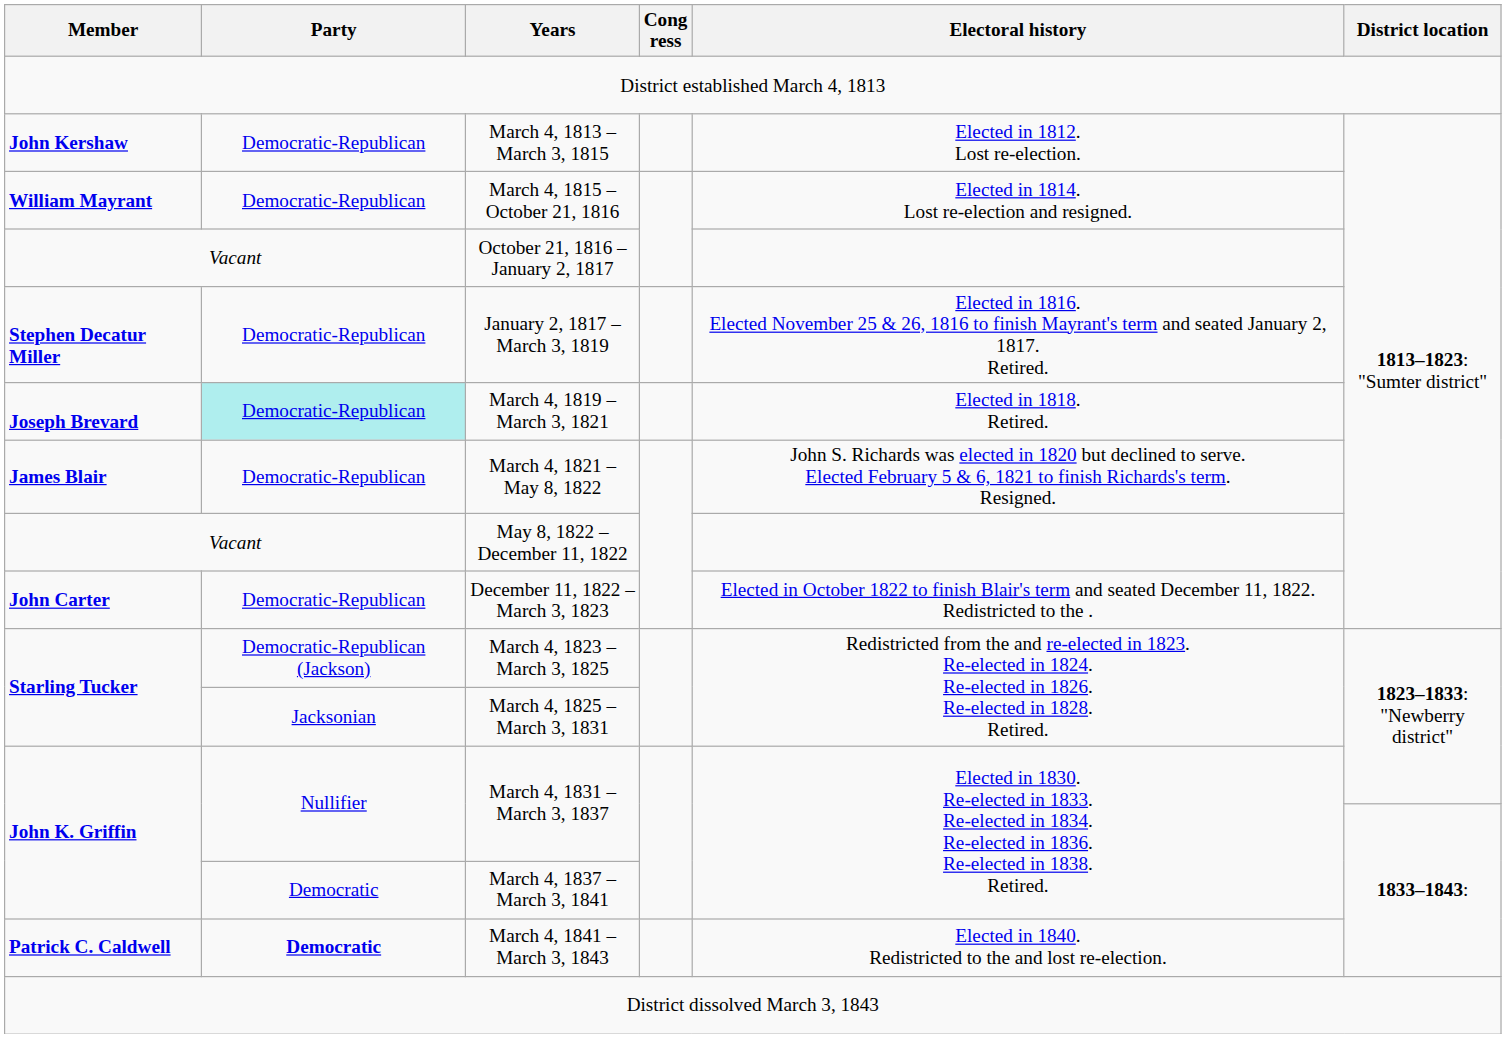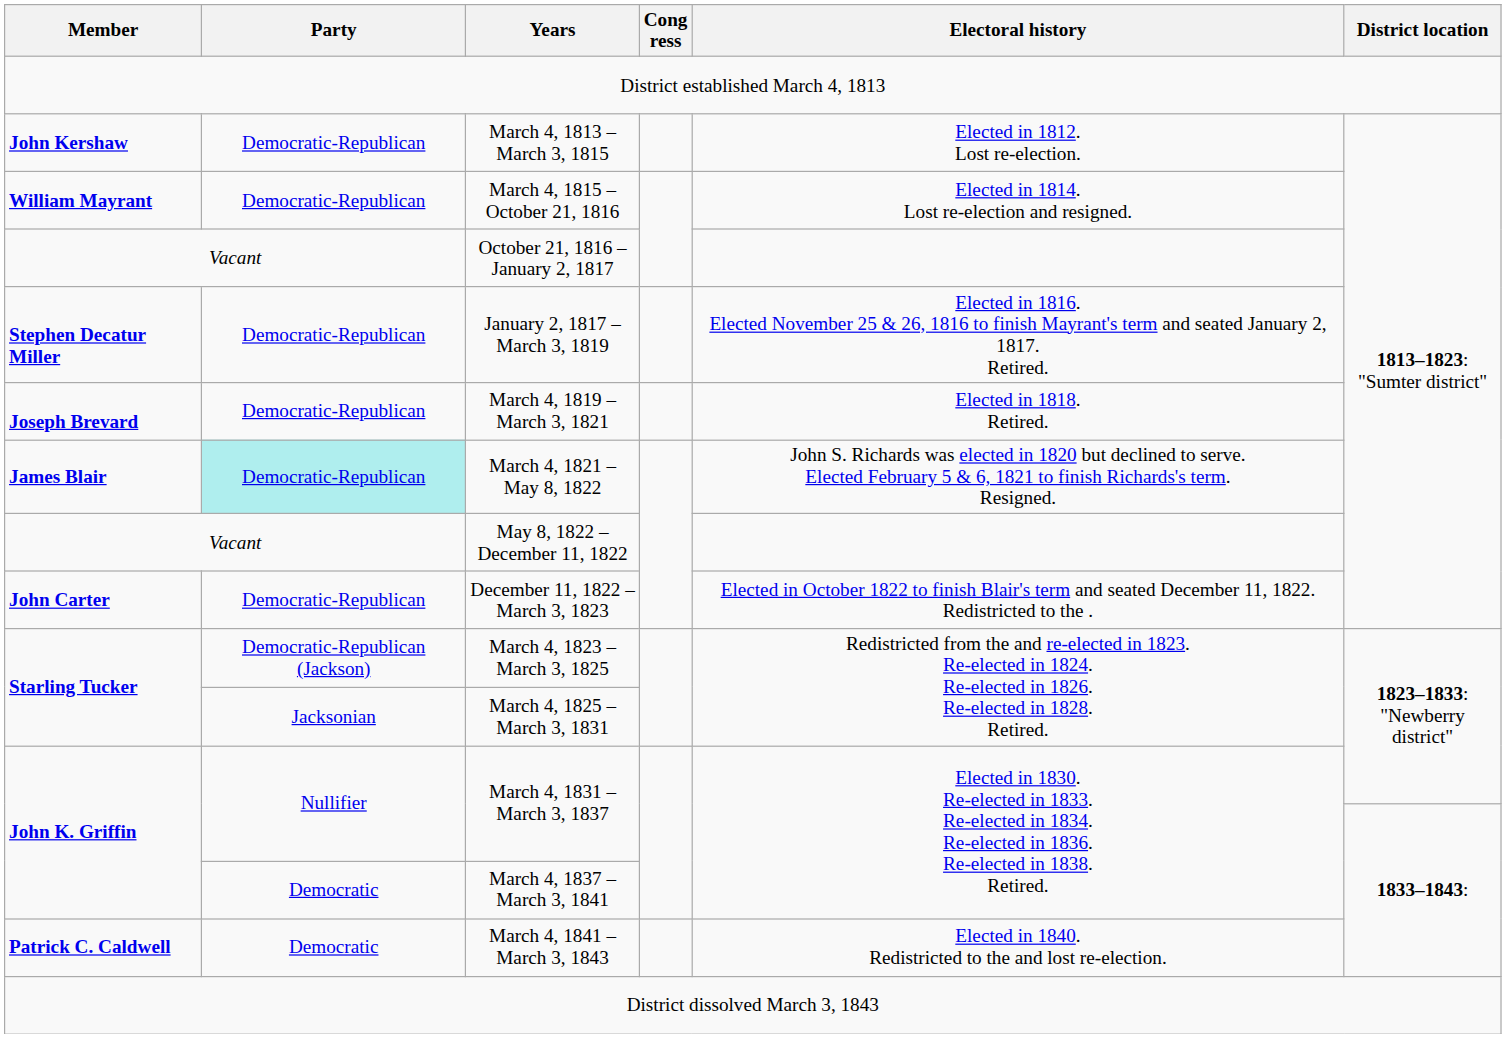 <table class="wikitable" style="text-align:center">
 <tr>
 <th>Member<br></th>
 <th>Party</th>
 <th>Years</th>
 <th>Cong<br>ress</th>
 <th>Electoral history</th>
 <th>District location</th>
 </tr>
 <tr style="height:3em">
 <td colspan=6>District established March 4, 1813</td>
 </tr>
 <tr style="height:3em">
 <td align=left><strong><a href='#'>John Kershaw</a></strong><br></td>
 <td><a href='#'>Democratic-Republican</a></td>
 <td nowrap>March 4, 1813 –<br>March 3, 1815</td>
 <td></td>
 <td><a href='#'>Elected in 1812</a>.<br>Lost re-election.</td>
 <td rowspan=8><strong>1813–1823</strong>:<br>"Sumter district"</td>
 </tr>
 <tr style="height:3em">
 <td align=left><strong><a href='#'>William Mayrant</a></strong><br></td>
 <td><a href='#'>Democratic-Republican</a></td>
 <td nowrap>March 4, 1815 –<br>October 21, 1816</td>
 <td rowspan=2></td>
 <td><a href='#'>Elected in 1814</a>.<br>Lost re-election and resigned.</td>
 </tr>
 <tr style="height:3em">
 <td colspan=2><em>Vacant</em></td>
 <td nowrap>October 21, 1816 –<br>January 2, 1817</td>
 </tr>
 <tr style="height:3em">
 <td align=left><br><strong><a href='#'>Stephen Decatur Miller</a></strong><br></td>
 <td><a href='#'>Democratic-Republican</a></td>
 <td nowrap>January 2, 1817 –<br>March 3, 1819</td>
 <td></td>
 <td><a href='#'>Elected in 1816</a>.<br><a href='#'>Elected November 25 & 26, 1816 to finish Mayrant's term</a> and seated January 2, 1817.<br>Retired.</td>
 </tr>
 <tr style="height:3em">
 <td align=left><br><strong><a href='#'>Joseph Brevard</a></strong><br></td>
-<td style="background: paleturquoise;"><a href='#'>Democratic-Republican</a></td>
+<td><a href='#'>Democratic-Republican</a></td>
 <td nowrap>March 4, 1819 –<br>March 3, 1821</td>
 <td></td>
 <td><a href='#'>Elected in 1818</a>.<br>Retired.</td>
 </tr>
 <tr style="height:3em">
 <td align=left><strong><a href='#'>James Blair</a></strong><br></td>
-<td><a href='#'>Democratic-Republican</a></td>
+<td style="background: paleturquoise;"><a href='#'>Democratic-Republican</a></td>
 <td nowrap>March 4, 1821 –<br>May 8, 1822</td>
 <td rowspan=3></td>
 <td>John S. Richards was <a href='#'>elected in 1820</a> but declined to serve.<br><a href='#'>Elected February 5 & 6, 1821 to finish Richards's term</a>.<br>Resigned.</td>
 </tr>
 <tr style="height:3em">
 <td colspan=2><em>Vacant</em></td>
 <td nowrap>May 8, 1822 –<br>December 11, 1822</td>
 </tr>
 <tr style="height:3em">
 <td align=left><strong><a href='#'>John Carter</a></strong><br></td>
 <td><a href='#'>Democratic-Republican</a></td>
 <td nowrap>December 11, 1822 –<br>March 3, 1823</td>
 <td><a href='#'>Elected in October 1822 to finish Blair's term</a> and seated December 11, 1822.<br>Redistricted to the .</td>
 </tr>
 <tr style="height:3em">
 <td rowspan=2 align=left><strong><a href='#'>Starling Tucker</a></strong><br></td>
 <td><a href='#'>Democratic-Republican (Jackson)</a></td>
 <td nowrap>March 4, 1823 –<br>March 3, 1825</td>
 <td rowspan=2></td>
 <td rowspan=2>Redistricted from the  and <a href='#'>re-elected in 1823</a>.<br><a href='#'>Re-elected in 1824</a>.<br><a href='#'>Re-elected in 1826</a>.<br><a href='#'>Re-elected in 1828</a>.<br>Retired.</td>
 <td rowspan=3><strong>1823–1833</strong>:<br>"Newberry district"</td>
 </tr>
 <tr style="height:3em">
 <td><a href='#'>Jacksonian</a></td>
 <td nowrap>March 4, 1825 –<br>March 3, 1831</td>
 </tr>
 <tr style="height:3em">
 <td rowspan=3 align=left><strong><a href='#'>John K. Griffin</a></strong><br></td>
 <td rowspan=2 ><a href='#'>Nullifier</a></td>
 <td rowspan=2 nowrap>March 4, 1831 –<br>March 3, 1837</td>
 <td rowspan=3></td>
 <td rowspan=3><a href='#'>Elected in 1830</a>.<br><a href='#'>Re-elected in 1833</a>.<br><a href='#'>Re-elected in 1834</a>.<br><a href='#'>Re-elected in 1836</a>.<br><a href='#'>Re-elected in 1838</a>.<br>Retired.</td>
 </tr>
 <tr style="height:3em">
 <td rowspan=3><strong>1833–1843</strong>:<br></td>
 </tr>
 <tr style="height:3em">
 <td><a href='#'>Democratic</a></td>
 <td nowrap>March 4, 1837 –<br>March 3, 1841</td>
 </tr>
 <tr style="height:3em">
 <td align=left><strong><a href='#'>Patrick C. Caldwell</a></strong><br></td>
-<td><strong><a href='#'>Democratic</a></strong></td>
+<td><a href='#'>Democratic</a></td>
 <td nowrap>March 4, 1841 –<br>March 3, 1843</td>
 <td></td>
 <td><a href='#'>Elected in 1840</a>.<br>Redistricted to the  and lost re-election.</td>
 </tr>
 <tr style="height:3em">
 <td colspan=6>District dissolved March 3, 1843</td>
 </tr>
 </table>
